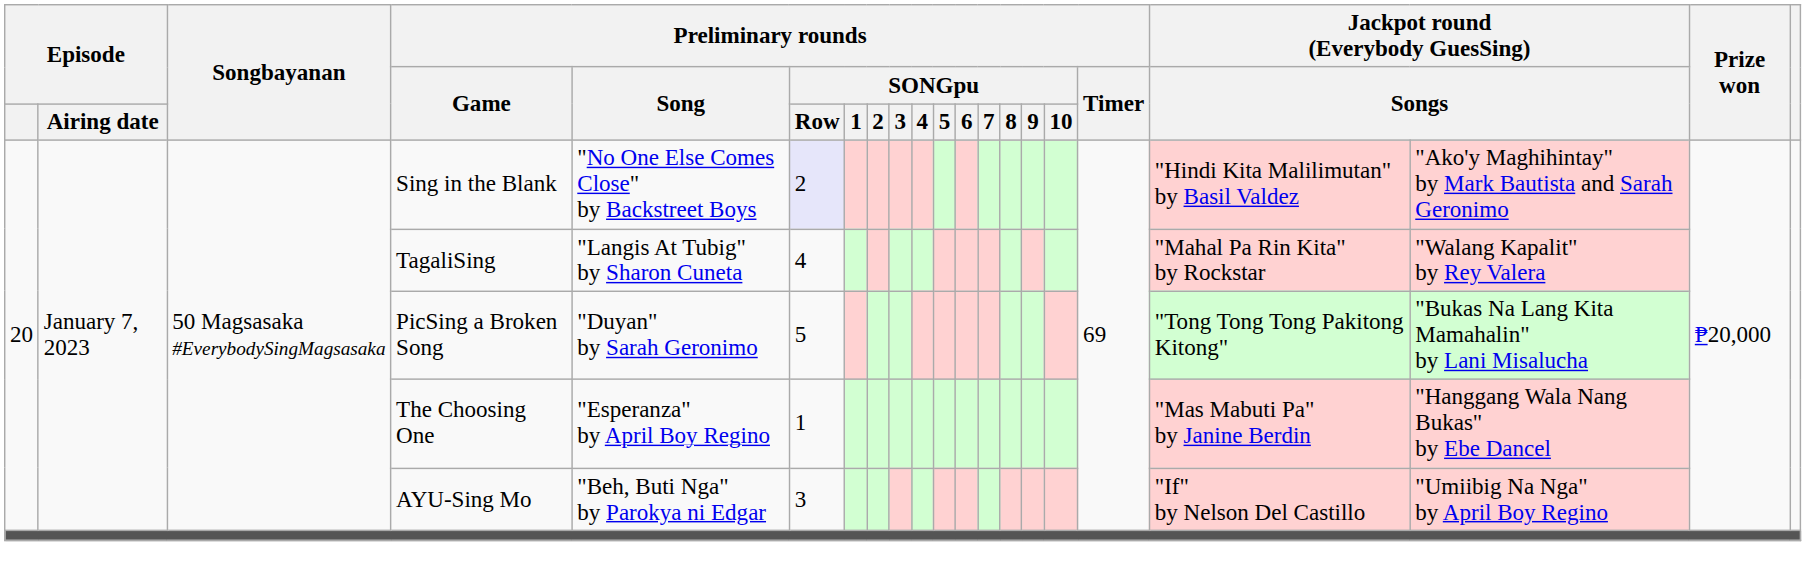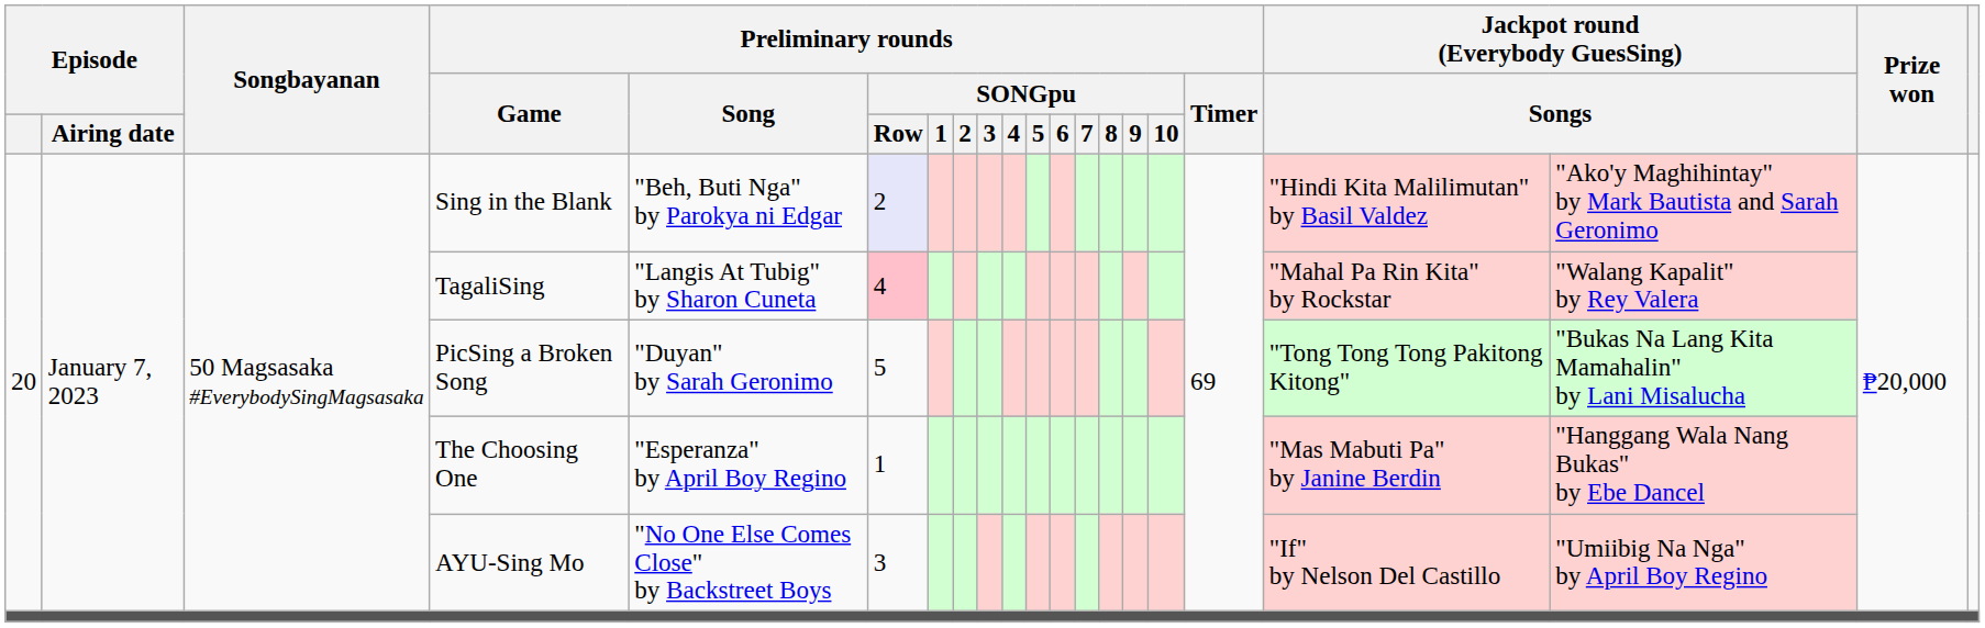 <table class="wikitable plainrowheaders mw-collapsible ">
 <tr>
 <th colspan="2" rowspan="2">Episode</th>
 <th rowspan="3">Songbayanan</th>
 <th colspan="14">Preliminary rounds</th>
 <th colspan="2">Jackpot round<br>(Everybody GuesSing)</th>
 <th rowspan="3">Prize won</th>
 <th rowspan="3"></th>
 </tr>
 <tr>
 <th rowspan="2">Game</th>
 <th rowspan="2">Song</th>
 <th colspan="11">SONGpu</th>
 <th rowspan="2">Timer</th>
 <th colspan="2" rowspan="2">Songs</th>
 </tr>
 <tr>
 <th></th>
 <th>Airing date</th>
 <th>Row</th>
 <th>1</th>
 <th>2</th>
 <th>3</th>
 <th>4</th>
 <th>5</th>
 <th>6</th>
 <th>7</th>
 <th>8</th>
 <th>9</th>
 <th>10</th>
 </tr>
 <tr>
 <td rowspan="5">20</td>
 <td rowspan="5">January 7, 2023</td>
 <td rowspan="5">50 Magsasaka<br><small><em>#EverybodySingMagsasaka</em></small></td>
 <td>Sing in the Blank</td>
-<td>"<a href='#'>No One Else Comes Close</a>"<br>by <a href='#'>Backstreet Boys</a></td>
+<td>"Beh, Buti Nga"<br>by <a href='#'>Parokya ni Edgar</a></td>
 <td style="background: lavender;">2</td>
 <td style="background:#FFD2D2"></td>
 <td style="background:#FFD2D2"></td>
 <td style="background:#FFD2D2"></td>
 <td style="background:#FFD2D2"></td>
 <td style="background:#D2FFD2"></td>
 <td style="background:#FFD2D2"></td>
 <td style="background:#D2FFD2"></td>
 <td style="background:#D2FFD2"></td>
 <td style="background:#D2FFD2"></td>
 <td style="background:#D2FFD2"></td>
 <td rowspan="5">69 </td>
 <td style="background:#FFD2D2">"Hindi Kita Malilimutan"<br>by <a href='#'>Basil Valdez</a></td>
 <td style="background:#FFD2D2">"Ako'y Maghihintay"<br>by <a href='#'>Mark Bautista</a> and <a href='#'>Sarah Geronimo</a></td>
 <td rowspan="5"><a href='#'>₱</a>20,000</td>
 <td rowspan="5"></td>
 </tr>
 <tr>
 <td>TagaliSing</td>
 <td>"Langis At Tubig"<br>by <a href='#'>Sharon Cuneta</a></td>
-<td>4</td>
+<td style="background: pink;">4</td>
 <td style="background:#D2FFD2"></td>
 <td style="background:#FFD2D2"></td>
 <td style="background:#D2FFD2"></td>
 <td style="background:#D2FFD2"></td>
 <td style="background:#FFD2D2"></td>
 <td style="background:#FFD2D2"></td>
 <td style="background:#FFD2D2"></td>
 <td style="background:#D2FFD2"></td>
 <td style="background:#FFD2D2"></td>
 <td style="background:#D2FFD2"></td>
 <td style="background:#FFD2D2">"Mahal Pa Rin Kita"<br>by Rockstar</td>
 <td style="background:#FFD2D2">"Walang Kapalit"<br>by <a href='#'>Rey Valera</a></td>
 </tr>
 <tr>
 <td>PicSing a Broken Song</td>
 <td>"Duyan"<br>by <a href='#'>Sarah Geronimo</a></td>
 <td>5</td>
 <td style="background:#FFD2D2"></td>
 <td style="background:#D2FFD2"></td>
 <td style="background:#D2FFD2"></td>
 <td style="background:#FFD2D2"></td>
 <td style="background:#FFD2D2"></td>
 <td style="background:#FFD2D2"></td>
 <td style="background:#FFD2D2"></td>
 <td style="background:#D2FFD2"></td>
 <td style="background:#D2FFD2"></td>
 <td style="background:#FFD2D2"></td>
 <td style="background:#D2FFD2">"Tong Tong Tong Pakitong Kitong"</td>
 <td style="background:#D2FFD2">"Bukas Na Lang Kita Mamahalin"<br>by <a href='#'>Lani Misalucha</a></td>
 </tr>
 <tr>
 <td>The Choosing One</td>
 <td>"Esperanza"<br>by <a href='#'>April Boy Regino</a></td>
 <td>1</td>
 <td style="background:#D2FFD2"></td>
 <td style="background:#D2FFD2"></td>
 <td style="background:#D2FFD2"></td>
 <td style="background:#D2FFD2"></td>
 <td style="background:#D2FFD2"></td>
 <td style="background:#D2FFD2"></td>
 <td style="background:#D2FFD2"></td>
 <td style="background:#D2FFD2"></td>
 <td style="background:#D2FFD2"></td>
 <td style="background:#D2FFD2"></td>
 <td style="background:#FFD2D2">"Mas Mabuti Pa"<br>by <a href='#'>Janine Berdin</a></td>
 <td style="background:#FFD2D2">"Hanggang Wala Nang Bukas"<br>by <a href='#'>Ebe Dancel</a></td>
 </tr>
 <tr>
 <td>AYU-Sing Mo</td>
-<td>"Beh, Buti Nga"<br>by <a href='#'>Parokya ni Edgar</a></td>
+<td>"<a href='#'>No One Else Comes Close</a>"<br>by <a href='#'>Backstreet Boys</a></td>
 <td>3</td>
 <td style="background:#D2FFD2"></td>
 <td style="background:#D2FFD2"></td>
 <td style="background:#FFD2D2"></td>
 <td style="background:#D2FFD2"></td>
 <td style="background:#FFD2D2"></td>
 <td style="background:#FFD2D2"></td>
 <td style="background:#D2FFD2"></td>
 <td style="background:#FFD2D2"></td>
 <td style="background:#FFD2D2"></td>
 <td style="background:#FFD2D2"></td>
 <td style="background:#FFD2D2">"If"<br>by Nelson Del Castillo</td>
 <td style="background:#FFD2D2">"Umiibig Na Nga"<br>by <a href='#'>April Boy Regino</a></td>
 </tr>
 <tr>
 <th colspan="21" style="background:#555;"></th>
 </tr>
 <tr>
 </tr>
 </table>
